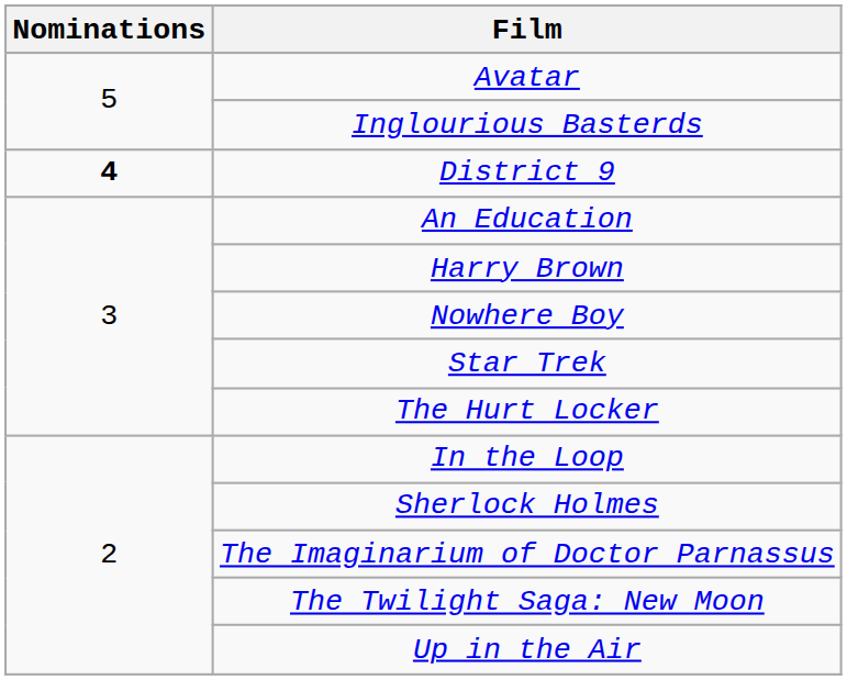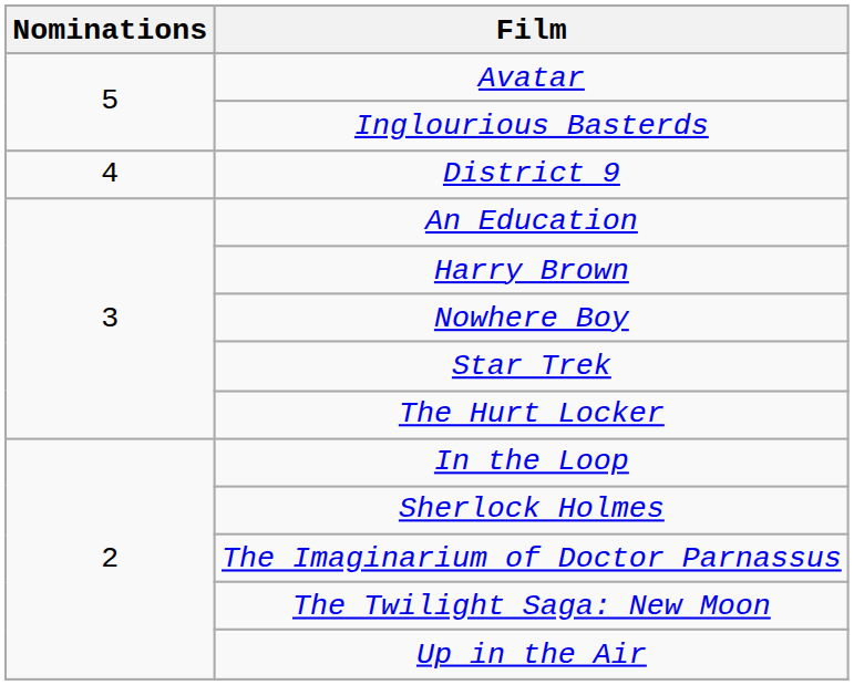 <table class="wikitable" style="text-align: center">
 <tr>
 <th scope="col" width="55">Nominations</th>
 <th scope="col">Film</th>
 </tr>
 <tr>
 <td rowspan=2>5</td>
 <td><em><a href='#'>Avatar</a></em></td>
 </tr>
 <tr>
 <td><em><a href='#'>Inglourious Basterds</a></em></td>
 </tr>
 <tr>
-<td><strong>4</strong></td>
+<td>4</td>
 <td><em><a href='#'>District 9</a></em></td>
 </tr>
 <tr>
 <td rowspan=5>3</td>
 <td><em><a href='#'>An Education</a></em></td>
 </tr>
 <tr>
 <td><em><a href='#'>Harry Brown</a></em></td>
 </tr>
 <tr>
 <td><em><a href='#'>Nowhere Boy</a></em></td>
 </tr>
 <tr>
 <td><em><a href='#'>Star Trek</a></em></td>
 </tr>
 <tr>
 <td><em><a href='#'>The Hurt Locker</a></em></td>
 </tr>
 <tr>
 <td rowspan=5>2</td>
 <td><em><a href='#'>In the Loop</a></em></td>
 </tr>
 <tr>
 <td><em><a href='#'>Sherlock Holmes</a></em></td>
 </tr>
 <tr>
 <td><em><a href='#'>The Imaginarium of Doctor Parnassus</a></em></td>
 </tr>
 <tr>
 <td><em><a href='#'>The Twilight Saga: New Moon</a></em></td>
 </tr>
 <tr>
 <td><em><a href='#'>Up in the Air</a></em></td>
 </tr>
 </table>
